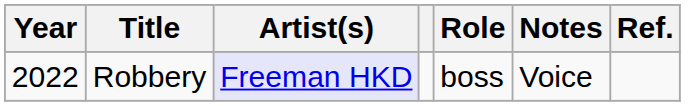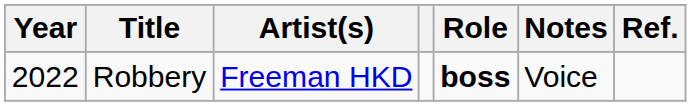 <table class="wikitable sortable">
 <tr>
 <th>Year</th>
 <th>Title</th>
 <th>Artist(s)</th>
 <th></th>
 <th>Role</th>
 <th>Notes</th>
 <th><abbr>Ref.</abbr></th>
 </tr>
 <tr>
 <td rowspan="2">2022</td>
 <td>Robbery</td>
-<td style="background: lavender;"><a href='#'>Freeman HKD</a></td>
+<td><a href='#'>Freeman HKD</a></td>
 <td></td>
-<td>boss</td>
+<td><strong>boss</strong></td>
 <td>Voice</td>
 </tr>
 </table>
